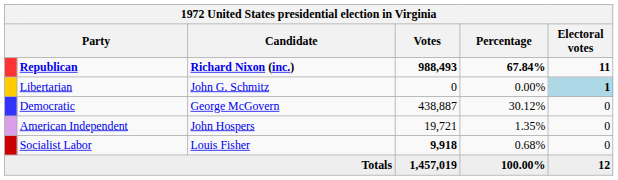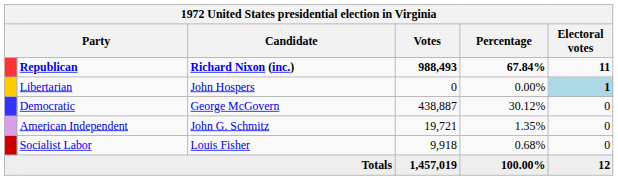 <table class="wikitable" style="font-size: 95%;">
 <tr>
 <th colspan="6">1972 United States presidential election in Virginia</th>
 </tr>
 <tr>
 <th colspan="2" style="width: 15em">Party</th>
 <th style="width: 17em">Candidate</th>
 <th style="width: 5em">Votes</th>
 <th style="width: 7em">Percentage</th>
 <th style="width: 5em">Electoral votes</th>
 </tr>
 <tr>
 <th style="background:#f33; width:3px;"></th>
 <td style="width: 130px"><strong><a href='#'>Republican</a></strong></td>
 <td><strong><a href='#'>Richard Nixon</a></strong> <strong>(<a href='#'>inc.</a>)</strong></td>
 <td style="text-align:right;"><strong>988,493</strong></td>
 <td style="text-align:right;"><strong>67.84%</strong></td>
 <td style="text-align:right;"><strong>11</strong></td>
 </tr>
 <tr>
 <th style="background:#FFCC00; width:3px;"></th>
 <td style="width: 130px"><a href='#'>Libertarian</a></td>
-<td><a href='#'>John G. Schmitz</a></td>
+<td><a href='#'>John Hospers</a></td>
 <td style="text-align:right;">0</td>
 <td style="text-align:right;">0.00%</td>
 <td style="background: lightblue; text-align:right;"><strong>1</strong></td>
 </tr>
 <tr>
 <th style="background:#33f; width:3px;"></th>
 <td style="width: 130px"><a href='#'>Democratic</a></td>
 <td><a href='#'>George McGovern</a></td>
 <td style="text-align:right;">438,887</td>
 <td style="text-align:right;">30.12%</td>
 <td style="text-align:right;">0</td>
 </tr>
 <tr>
 <th style="background:#D99FE8; width:3px;"></th>
 <td style="width: 130px"><a href='#'>American Independent</a></td>
-<td><a href='#'>John Hospers</a></td>
+<td><a href='#'>John G. Schmitz</a></td>
 <td style="text-align:right;">19,721</td>
 <td style="text-align:right;">1.35%</td>
 <td style="text-align:right;">0</td>
 </tr>
 <tr>
 <th style="background:#CC0000; width:3px;"></th>
 <td style="width: 130px"><a href='#'>Socialist Labor</a></td>
 <td><a href='#'>Louis Fisher</a></td>
-<td style="text-align:right;"><strong>9,918</strong></td>
+<td style="text-align:right;">9,918</td>
 <td style="text-align:right;">0.68%</td>
 <td style="text-align:right;">0</td>
 </tr>
 <tr style="background:#eee; text-align:right;">
 <td colspan="3"><strong>Totals</strong></td>
 <td><strong>1,457,019</strong></td>
 <td><strong>100.00%</strong></td>
 <td><strong>12</strong></td>
 </tr>
 </table>
